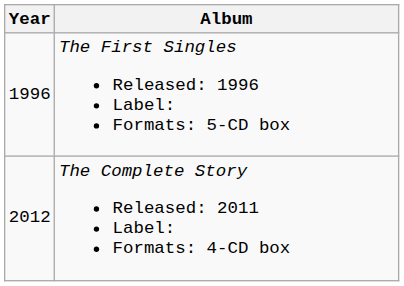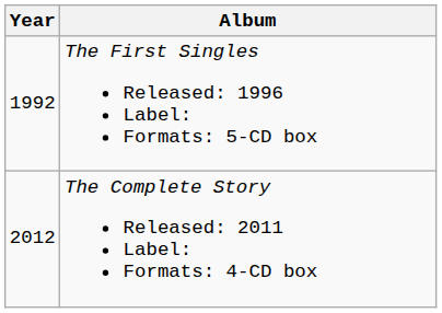 <table class="wikitable">
 <tr>
 <th width="20">Year</th>
 <th width="250">Album</th>
 </tr>
 <tr>
-<td>1996</td>
+<td>1992</td>
 <td><em>The First Singles</em><br><ul><li>Released: 1996</li><li>Label:</li><li>Formats: 5-CD box</li></ul></td>
 </tr>
 <tr>
 <td>2012</td>
 <td><em>The Complete Story</em><br><ul><li>Released: 2011</li><li>Label:</li><li>Formats: 4-CD box</li></ul></td>
 </tr>
 </table>
